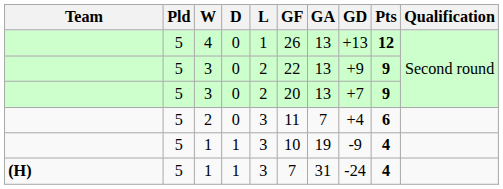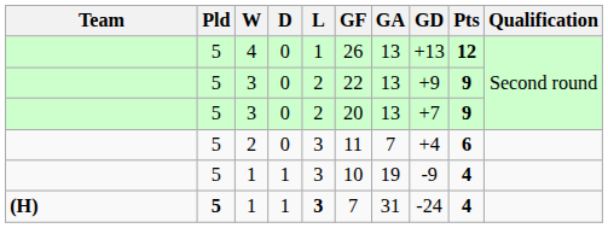 <table class="wikitable" style+"text-align:center;">
 <tr>
 <th width=150>Team</th>
 <th width=20>Pld</th>
 <th width=20>W</th>
 <th width=20>D</th>
 <th width=20>L</th>
 <th width=20>GF</th>
 <th width=20>GA</th>
 <th width=20>GD</th>
 <th width=20>Pts</th>
 <th>Qualification</th>
 </tr>
 <tr align=center bgcolor=ccffcc>
 <td align="left"></td>
 <td>5</td>
 <td>4</td>
 <td>0</td>
 <td>1</td>
 <td>26</td>
 <td>13</td>
 <td>+13</td>
 <td><strong>12</strong></td>
 <td rowspan=3>Second round</td>
 </tr>
 <tr align=center bgcolor=ccffcc>
 <td align="left"></td>
 <td>5</td>
 <td>3</td>
 <td>0</td>
 <td>2</td>
 <td>22</td>
 <td>13</td>
 <td>+9</td>
 <td><strong>9</strong></td>
 </tr>
 <tr align=center bgcolor=ccffcc>
 <td align="left"></td>
 <td>5</td>
 <td>3</td>
 <td>0</td>
 <td>2</td>
 <td>20</td>
 <td>13</td>
 <td>+7</td>
 <td><strong>9</strong></td>
 </tr>
 <tr align=center>
 <td align="left"></td>
 <td>5</td>
 <td>2</td>
 <td>0</td>
 <td>3</td>
 <td>11</td>
 <td>7</td>
 <td>+4</td>
 <td><strong>6</strong></td>
 <td></td>
 </tr>
 <tr align=center>
 <td align="left"></td>
 <td>5</td>
 <td>1</td>
 <td>1</td>
 <td>3</td>
 <td>10</td>
 <td>19</td>
 <td>-9</td>
 <td><strong>4</strong></td>
 <td></td>
 </tr>
 <tr align=center>
 <td align="left"> <strong>(H)</strong></td>
-<td>5</td>
+<td><strong>5</strong></td>
 <td>1</td>
 <td>1</td>
-<td>3</td>
+<td><strong>3</strong></td>
 <td>7</td>
 <td>31</td>
 <td>-24</td>
 <td><strong>4</strong></td>
 <td></td>
 </tr>
 </table>
